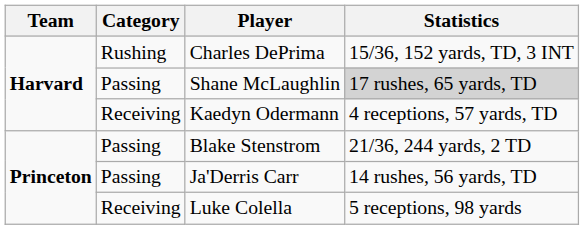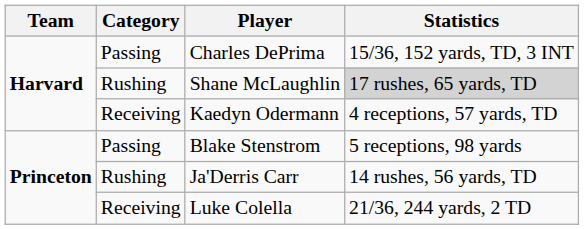 <table class="wikitable" style="float: right;">
 <tr>
 <th>Team</th>
 <th>Category</th>
 <th>Player</th>
 <th>Statistics</th>
 </tr>
 <tr>
 <td rowspan=3><strong>Harvard</strong></td>
-<td>Rushing</td>
+<td>Passing</td>
 <td>Charles DePrima</td>
 <td>15/36, 152 yards, TD, 3 INT</td>
 </tr>
 <tr>
-<td>Passing</td>
+<td>Rushing</td>
 <td>Shane McLaughlin</td>
 <td style="background: lightgrey;">17 rushes, 65 yards, TD</td>
 </tr>
 <tr>
 <td>Receiving</td>
 <td>Kaedyn Odermann</td>
 <td>4 receptions, 57 yards, TD</td>
 </tr>
 <tr>
 <td rowspan=3><strong>Princeton</strong></td>
 <td>Passing</td>
 <td>Blake Stenstrom</td>
-<td>21/36, 244 yards, 2 TD</td>
+<td>5 receptions, 98 yards</td>
 </tr>
 <tr>
-<td>Passing</td>
+<td>Rushing</td>
 <td>Ja'Derris Carr</td>
 <td>14 rushes, 56 yards, TD</td>
 </tr>
 <tr>
 <td>Receiving</td>
 <td>Luke Colella</td>
-<td>5 receptions, 98 yards</td>
+<td>21/36, 244 yards, 2 TD</td>
 </tr>
 </table>
